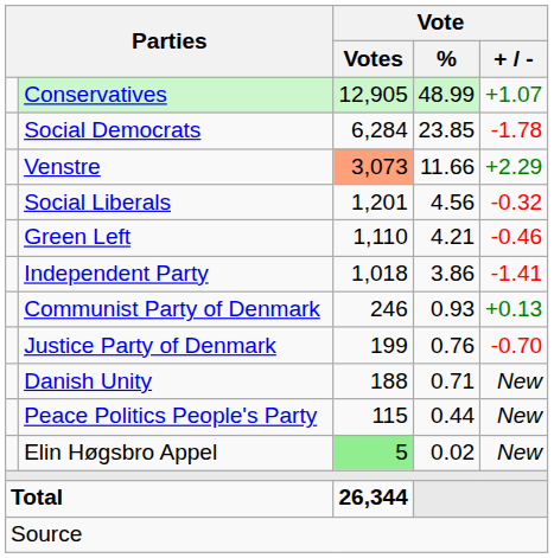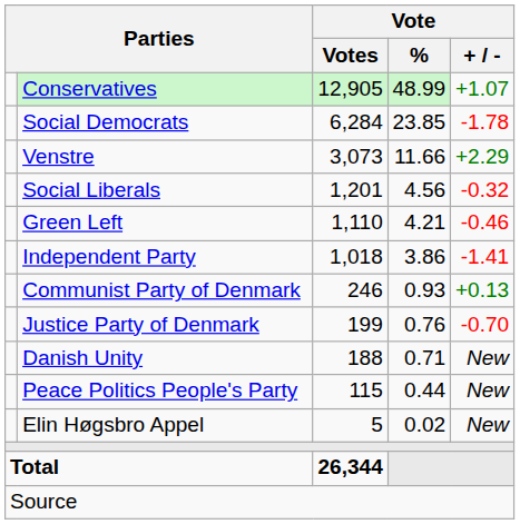 <table class="wikitable" style="text-align:right;">
 <tr>
 <th style="text-align:centre;" rowspan="2" colspan="2" width="225">Parties</th>
 <th colspan="3">Vote</th>
 </tr>
 <tr>
 <th width="15">Votes</th>
 <th width="15">%</th>
 <th width="15">+ / -</th>
 </tr>
 <tr>
 <td width="2" style="color:inherit;background:"></td>
 <td bgcolor=#ccf7cc  align="left"><a href='#'>Conservatives</a></td>
 <td bgcolor=#ccf7cc>12,905</td>
 <td bgcolor=#ccf7cc>48.99</td>
 <td style=color:green;>+1.07</td>
 </tr>
 <tr>
 <td width="2" style="color:inherit;background:"></td>
 <td align="left"><a href='#'>Social Democrats</a></td>
 <td>6,284</td>
 <td>23.85</td>
 <td style=color:red;>-1.78</td>
 </tr>
 <tr>
 <td width="2" style="color:inherit;background:"></td>
 <td align="left"><a href='#'>Venstre</a></td>
-<td style="background: lightsalmon;">3,073</td>
+<td>3,073</td>
 <td>11.66</td>
 <td style=color:green;>+2.29</td>
 </tr>
 <tr>
 <td width="2" style="color:inherit;background:"></td>
 <td align="left"><a href='#'>Social Liberals</a></td>
 <td>1,201</td>
 <td>4.56</td>
 <td style=color:red;>-0.32</td>
 </tr>
 <tr>
 <td width="2" style="color:inherit;background:"></td>
 <td align="left"><a href='#'>Green Left</a></td>
 <td>1,110</td>
 <td>4.21</td>
 <td style=color:red;>-0.46</td>
 </tr>
 <tr>
 <td width="2" style="color:inherit;background:"></td>
 <td align="left"><a href='#'>Independent Party</a></td>
 <td>1,018</td>
 <td>3.86</td>
 <td style=color:red;>-1.41</td>
 </tr>
 <tr>
 <td width="2" style="color:inherit;background:"></td>
 <td align="left"><a href='#'>Communist Party of Denmark</a></td>
 <td>246</td>
 <td>0.93</td>
 <td style=color:green;>+0.13</td>
 </tr>
 <tr>
 <td width="2" style="color:inherit;background:"></td>
 <td align="left"><a href='#'>Justice Party of Denmark</a></td>
 <td>199</td>
 <td>0.76</td>
 <td style=color:red;>-0.70</td>
 </tr>
 <tr>
 <td width="2" style="color:inherit;background:"></td>
 <td align="left"><a href='#'>Danish Unity</a></td>
 <td>188</td>
 <td>0.71</td>
 <td><em>New</em></td>
 </tr>
 <tr>
 <td width="2" style="color:inherit;background:"></td>
 <td align="left"><a href='#'>Peace Politics People's Party</a></td>
 <td>115</td>
 <td>0.44</td>
 <td><em>New</em></td>
 </tr>
 <tr>
 <td width="2" style="color:inherit;background:"></td>
 <td align="left">Elin Høgsbro Appel</td>
-<td style="background: lightgreen;">5</td>
+<td>5</td>
 <td>0.02</td>
 <td><em>New</em></td>
 </tr>
 <tr>
 <td colspan="7" bgcolor="#E9E9E9"></td>
 </tr>
 <tr>
 <td align="left" colspan="2"><strong>Total</strong></td>
 <td><strong>26,344</strong></td>
 <td bgcolor="#E9E9E9" colspan="2"></td>
 </tr>
 <tr>
 <td align="left" colspan="6">Source</td>
 </tr>
 </table>
